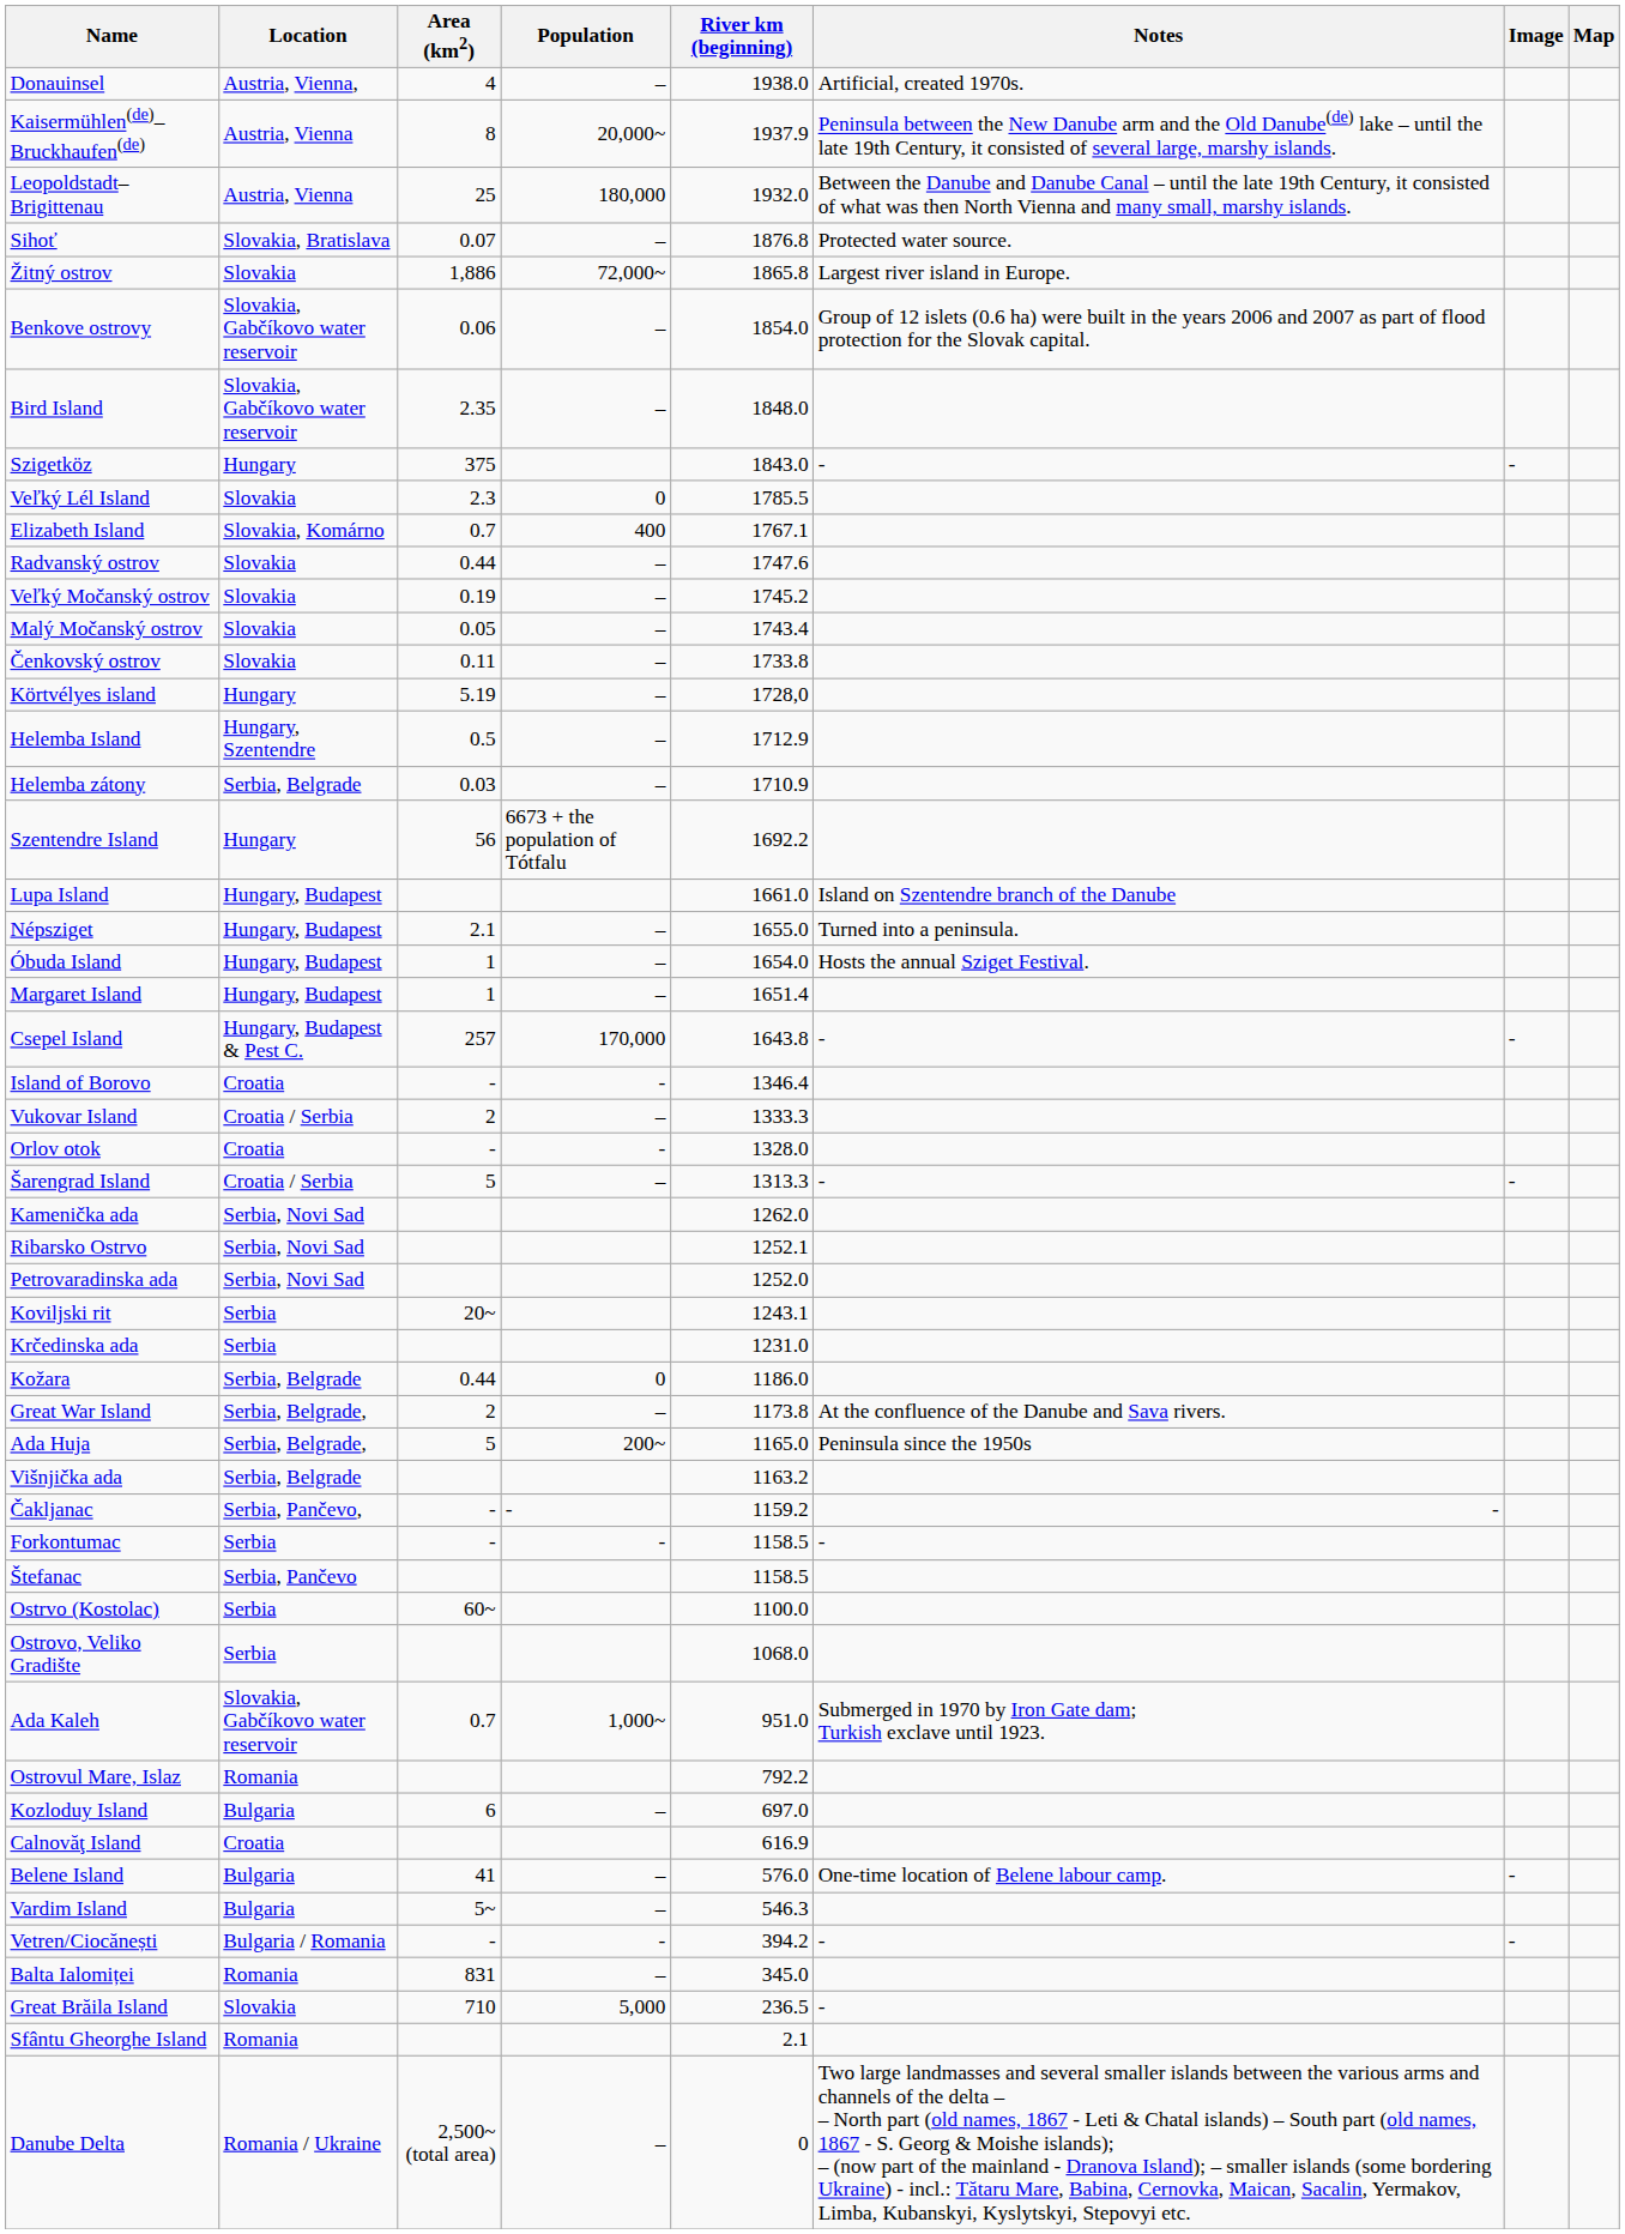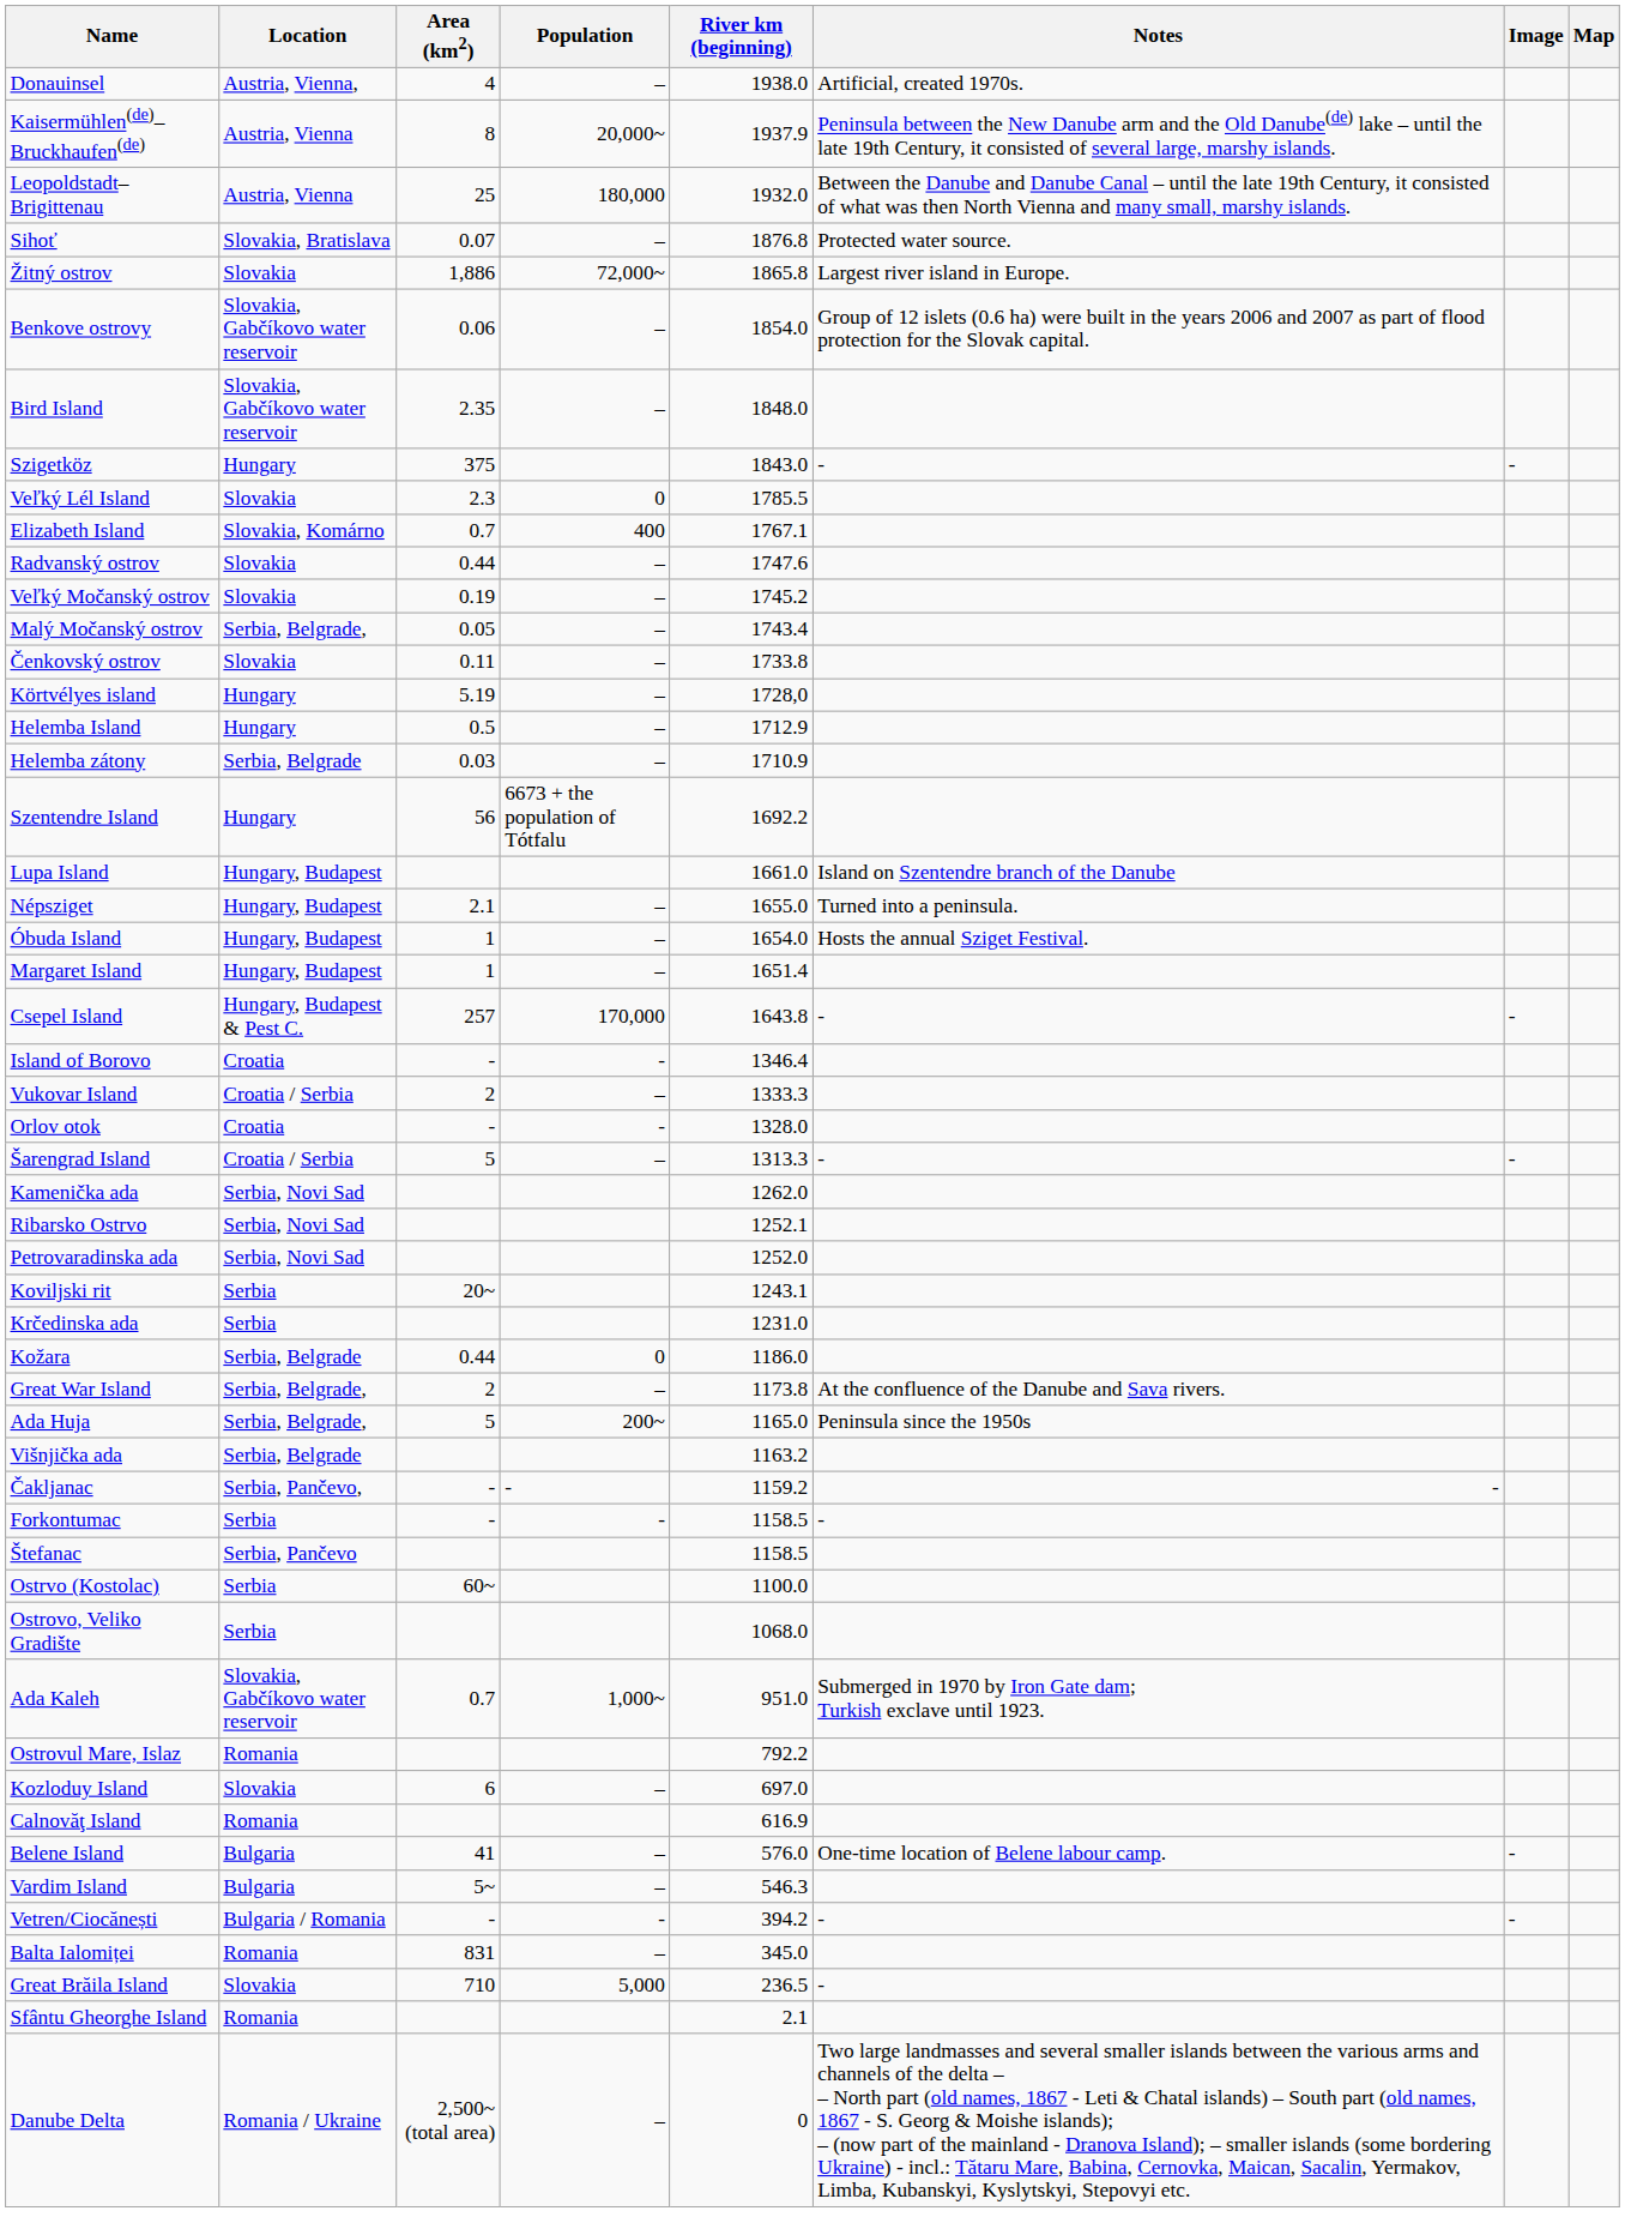 <table class="wikitable sortable" border="1">
 <tr>
 <th>Name</th>
 <th>Location</th>
 <th data-sort-type="number">Area (km<sup>2</sup>)</th>
 <th data-sort-type="number">Population</th>
 <th><a href='#'>River km (beginning)</a></th>
 <th>Notes</th>
 <th>Image</th>
 <th>Map</th>
 </tr>
 <tr>
 <td><a href='#'>Donauinsel</a></td>
 <td><a href='#'>Austria</a>, <a href='#'>Vienna</a>,</td>
 <td align="right">4</td>
 <td align="right">–</td>
 <td align="right">1938.0</td>
 <td>Artificial, created 1970s.</td>
 <td></td>
 <td></td>
 </tr>
 <tr>
 <td><a href='#'>Kaisermühlen</a><sup>(<a href='#'>de</a>)</sup>–<a href='#'>Bruckhaufen</a><sup>(<a href='#'>de</a>)</sup></td>
 <td><a href='#'>Austria</a>, <a href='#'>Vienna</a></td>
 <td align="right">8</td>
 <td align="right">20,000~</td>
 <td align="right">1937.9</td>
 <td><a href='#'>Peninsula between</a> the <a href='#'>New Danube</a> arm and the <a href='#'>Old Danube</a><sup>(<a href='#'>de</a>)</sup> lake – until the late 19th Century, it consisted of <a href='#'>several large, marshy islands</a>.</td>
 <td></td>
 <td></td>
 </tr>
 <tr>
 <td><a href='#'>Leopoldstadt</a>–<a href='#'>Brigittenau</a></td>
 <td><a href='#'>Austria</a>, <a href='#'>Vienna</a></td>
 <td align="right">25</td>
 <td align="right">180,000</td>
 <td align="right">1932.0</td>
 <td>Between the <a href='#'>Danube</a> and <a href='#'>Danube Canal</a> – until the late 19th Century, it consisted of what was then North Vienna and <a href='#'>many small, marshy islands</a>.</td>
 <td></td>
 <td></td>
 </tr>
 <tr>
 <td><a href='#'>Sihoť</a></td>
 <td><a href='#'>Slovakia</a>, <a href='#'>Bratislava</a></td>
 <td align="right">0.07</td>
 <td align="right">–</td>
 <td align="right">1876.8</td>
 <td>Protected water source.</td>
 <td></td>
 <td></td>
 </tr>
 <tr>
 <td><a href='#'>Žitný ostrov</a></td>
 <td><a href='#'>Slovakia</a></td>
 <td align="right">1,886</td>
 <td align="right">72,000~</td>
 <td align="right">1865.8</td>
 <td>Largest river island in Europe.</td>
 <td></td>
 <td></td>
 </tr>
 <tr>
 <td><a href='#'>Benkove ostrovy</a></td>
 <td><a href='#'>Slovakia</a>, <a href='#'>Gabčíkovo water reservoir</a></td>
 <td align="right">0.06</td>
 <td align="right">–</td>
 <td align="right">1854.0</td>
 <td>Group of 12 islets (0.6 ha) were built in the years 2006 and 2007 as part of flood protection for the Slovak capital.</td>
 <td></td>
 <td></td>
 </tr>
 <tr>
 <td><a href='#'>Bird Island</a></td>
 <td><a href='#'>Slovakia</a>, <a href='#'>Gabčíkovo water reservoir</a></td>
 <td align="right">2.35</td>
 <td align="right">–</td>
 <td align="right">1848.0</td>
 <td></td>
 <td></td>
 </tr>
 <tr>
 <td><a href='#'>Szigetköz</a></td>
 <td><a href='#'>Hungary</a></td>
 <td align="right">375</td>
 <td align="right"></td>
 <td align="right">1843.0</td>
 <td>-</td>
 <td>-</td>
 <td></td>
 </tr>
 <tr>
 <td><a href='#'>Veľký Lél Island</a></td>
 <td><a href='#'>Slovakia</a></td>
 <td align="right">2.3</td>
 <td align="right">0</td>
 <td align="right">1785.5</td>
 <td></td>
 <td></td>
 <td></td>
 </tr>
 <tr>
 <td><a href='#'>Elizabeth Island</a></td>
 <td><a href='#'>Slovakia</a>, <a href='#'>Komárno</a></td>
 <td align="right">0.7</td>
 <td align="right">400</td>
 <td align="right">1767.1</td>
 <td></td>
 <td></td>
 <td></td>
 </tr>
 <tr>
 <td><a href='#'>Radvanský ostrov</a></td>
 <td><a href='#'>Slovakia</a></td>
 <td align="right">0.44</td>
 <td align="right">–</td>
 <td align="right">1747.6</td>
 <td></td>
 <td></td>
 <td></td>
 </tr>
 <tr>
 <td><a href='#'>Veľký Močanský ostrov</a></td>
 <td><a href='#'>Slovakia</a></td>
 <td align="right">0.19</td>
 <td align="right">–</td>
 <td align="right">1745.2</td>
 <td></td>
 <td></td>
 <td></td>
 </tr>
 <tr>
 <td><a href='#'>Malý Močanský ostrov</a></td>
-<td><a href='#'>Slovakia</a></td>
+<td><a href='#'>Serbia</a>, <a href='#'>Belgrade</a>,</td>
 <td align="right">0.05</td>
 <td align="right">–</td>
 <td align="right">1743.4</td>
 <td></td>
 <td></td>
 <td></td>
 </tr>
 <tr>
 <td><a href='#'>Čenkovský ostrov</a></td>
 <td><a href='#'>Slovakia</a></td>
 <td align="right">0.11</td>
 <td align="right">–</td>
 <td align="right">1733.8</td>
 <td></td>
 <td></td>
 <td></td>
 </tr>
 <tr>
 <td><a href='#'>Körtvélyes island</a></td>
 <td><a href='#'>Hungary</a></td>
 <td align="right">5.19</td>
 <td align="right">–</td>
 <td align="right">1728,0</td>
 <td></td>
 <td></td>
 <td></td>
 </tr>
 <tr>
 <td><a href='#'>Helemba Island</a></td>
-<td><a href='#'>Hungary</a>, <a href='#'>Szentendre</a></td>
+<td><a href='#'>Hungary</a></td>
 <td align="right">0.5</td>
 <td align="right">–</td>
 <td align="right">1712.9</td>
 <td></td>
 <td></td>
 <td></td>
 </tr>
 <tr>
 <td><a href='#'>Helemba zátony</a></td>
 <td><a href='#'>Serbia</a>, <a href='#'>Belgrade</a></td>
 <td align="right">0.03</td>
 <td align="right">–</td>
 <td align="right">1710.9</td>
 <td></td>
 <td></td>
 <td></td>
 </tr>
 <tr>
 <td><a href='#'>Szentendre Island</a></td>
 <td><a href='#'>Hungary</a></td>
 <td align="right">56</td>
 <td>6673 + the population of Tótfalu</td>
 <td align="right">1692.2</td>
 <td></td>
 <td></td>
 <td></td>
 </tr>
 <tr>
 <td><a href='#'>Lupa Island</a></td>
 <td><a href='#'>Hungary</a>, <a href='#'>Budapest</a></td>
 <td></td>
 <td></td>
 <td align="right">1661.0</td>
 <td>Island on <a href='#'>Szentendre branch of the Danube</a></td>
 <td></td>
 <td></td>
 </tr>
 <tr>
 <td><a href='#'>Népsziget</a></td>
 <td><a href='#'>Hungary</a>, <a href='#'>Budapest</a></td>
 <td align="right">2.1</td>
 <td align="right">–</td>
 <td align="right">1655.0</td>
 <td>Turned into a peninsula.</td>
 <td></td>
 <td></td>
 </tr>
 <tr>
 <td><a href='#'>Óbuda Island</a></td>
 <td><a href='#'>Hungary</a>, <a href='#'>Budapest</a></td>
 <td align="right">1</td>
 <td align="right">–</td>
 <td align="right">1654.0</td>
 <td>Hosts the annual <a href='#'>Sziget Festival</a>.</td>
 <td></td>
 <td></td>
 </tr>
 <tr>
 <td><a href='#'>Margaret Island</a></td>
 <td><a href='#'>Hungary</a>, <a href='#'>Budapest</a></td>
 <td align="right">1</td>
 <td align="right">–</td>
 <td align="right">1651.4</td>
 <td></td>
 <td></td>
 <td></td>
 </tr>
 <tr>
 <td><a href='#'>Csepel Island</a></td>
 <td><a href='#'>Hungary</a>, <a href='#'>Budapest</a> & <a href='#'>Pest C.</a></td>
 <td align="right">257</td>
 <td align="right">170,000</td>
 <td align="right">1643.8</td>
 <td>-</td>
 <td>-</td>
 <td></td>
 </tr>
 <tr>
 <td><a href='#'>Island of Borovo</a></td>
 <td><a href='#'>Croatia</a></td>
 <td align="right">-</td>
 <td align="right">-</td>
 <td align="right">1346.4</td>
 <td></td>
 <td></td>
 <td></td>
 </tr>
 <tr>
 <td><a href='#'>Vukovar Island</a></td>
 <td><a href='#'>Croatia</a> / <a href='#'>Serbia</a></td>
 <td align="right">2</td>
 <td align="right">–</td>
 <td align="right">1333.3</td>
 <td></td>
 <td></td>
 <td></td>
 </tr>
 <tr>
 <td><a href='#'>Orlov otok</a></td>
 <td><a href='#'>Croatia</a></td>
 <td align="right">-</td>
 <td align="right">-</td>
 <td align="right">1328.0</td>
 <td></td>
 <td></td>
 <td></td>
 </tr>
 <tr>
 <td><a href='#'>Šarengrad Island</a></td>
 <td><a href='#'>Croatia</a> / <a href='#'>Serbia</a></td>
 <td align="right">5</td>
 <td align="right">–</td>
 <td align="right">1313.3</td>
 <td>-</td>
 <td>-</td>
 <td></td>
 </tr>
 <tr>
 <td><a href='#'>Kamenička ada</a></td>
 <td><a href='#'>Serbia</a>, <a href='#'>Novi Sad</a></td>
 <td></td>
 <td></td>
 <td align="right">1262.0</td>
 <td></td>
 <td></td>
 <td></td>
 </tr>
 <tr>
 <td><a href='#'>Ribarsko Ostrvo</a></td>
 <td><a href='#'>Serbia</a>, <a href='#'>Novi Sad</a></td>
 <td></td>
 <td></td>
 <td align="right">1252.1</td>
 <td></td>
 <td></td>
 <td></td>
 </tr>
 <tr>
 <td><a href='#'>Petrovaradinska ada</a></td>
 <td><a href='#'>Serbia</a>, <a href='#'>Novi Sad</a></td>
 <td></td>
 <td></td>
 <td align="right">1252.0</td>
 <td></td>
 <td></td>
 <td></td>
 </tr>
 <tr>
 <td><a href='#'>Koviljski rit</a></td>
 <td><a href='#'>Serbia</a></td>
 <td align="right">20~</td>
 <td></td>
 <td align="right">1243.1</td>
 <td></td>
 <td></td>
 <td></td>
 </tr>
 <tr>
 <td><a href='#'>Krčedinska ada</a></td>
 <td><a href='#'>Serbia</a></td>
 <td></td>
 <td></td>
 <td align="right">1231.0</td>
 <td></td>
 <td></td>
 <td></td>
 </tr>
 <tr>
 <td><a href='#'>Kožara</a></td>
 <td><a href='#'>Serbia</a>, <a href='#'>Belgrade</a></td>
 <td align="right">0.44</td>
 <td align="right">0</td>
 <td align="right">1186.0</td>
 <td></td>
 <td></td>
 <td></td>
 </tr>
 <tr>
 <td><a href='#'>Great War Island</a></td>
 <td><a href='#'>Serbia</a>, <a href='#'>Belgrade</a>,</td>
 <td align="right">2</td>
 <td align="right">–</td>
 <td align="right">1173.8</td>
 <td>At the confluence of the Danube and <a href='#'>Sava</a> rivers.</td>
 <td></td>
 <td></td>
 </tr>
 <tr>
 <td><a href='#'>Ada Huja</a></td>
 <td><a href='#'>Serbia</a>, <a href='#'>Belgrade</a>,</td>
 <td align="right">5</td>
 <td align="right">200~</td>
 <td align="right">1165.0</td>
 <td>Peninsula since the 1950s</td>
 <td></td>
 <td></td>
 </tr>
 <tr>
 <td><a href='#'>Višnjička ada</a></td>
 <td><a href='#'>Serbia</a>, <a href='#'>Belgrade</a></td>
 <td></td>
 <td></td>
 <td align="right">1163.2</td>
 <td></td>
 <td></td>
 <td></td>
 </tr>
 <tr>
 <td><a href='#'>Čakljanac</a></td>
 <td><a href='#'>Serbia</a>, <a href='#'>Pančevo</a>,</td>
 <td align="right">-</td>
 <td>-</td>
 <td align="right">1159.2</td>
 <td align="right">-</td>
 <td></td>
 <td></td>
 </tr>
 <tr>
 <td><a href='#'>Forkontumac</a></td>
 <td><a href='#'>Serbia</a></td>
 <td align="right">-</td>
 <td align="right">-</td>
 <td align="right">1158.5</td>
 <td>-</td>
 <td></td>
 <td></td>
 </tr>
 <tr>
 <td><a href='#'>Štefanac</a></td>
 <td><a href='#'>Serbia</a>, <a href='#'>Pančevo</a></td>
 <td></td>
 <td></td>
 <td align="right">1158.5</td>
 <td></td>
 <td></td>
 <td></td>
 </tr>
 <tr>
 <td><a href='#'>Ostrvo (Kostolac)</a></td>
 <td><a href='#'>Serbia</a></td>
 <td align="right">60~</td>
 <td></td>
 <td align="right">1100.0</td>
 <td></td>
 <td></td>
 <td></td>
 </tr>
 <tr>
 <td><a href='#'>Ostrovo, Veliko Gradište</a></td>
 <td><a href='#'>Serbia</a></td>
 <td></td>
 <td></td>
 <td align="right">1068.0</td>
 <td></td>
 <td></td>
 <td></td>
 </tr>
 <tr>
 <td><a href='#'>Ada Kaleh</a></td>
 <td><a href='#'>Slovakia</a>, <a href='#'>Gabčíkovo water reservoir</a></td>
 <td align="right">0.7</td>
 <td align="right">1,000~</td>
 <td align="right">951.0</td>
 <td>Submerged in 1970 by <a href='#'>Iron Gate dam</a>;<br><a href='#'>Turkish</a> exclave until 1923.</td>
 <td></td>
 <td></td>
 </tr>
 <tr>
 <td><a href='#'>Ostrovul Mare, Islaz</a></td>
 <td><a href='#'>Romania</a></td>
 <td></td>
 <td></td>
 <td align="right">792.2</td>
 <td></td>
 <td></td>
 <td></td>
 </tr>
 <tr>
 <td><a href='#'>Kozloduy Island</a></td>
-<td><a href='#'>Bulgaria</a></td>
+<td><a href='#'>Slovakia</a></td>
 <td align="right">6</td>
 <td align="right">–</td>
 <td align="right">697.0</td>
 <td></td>
 <td></td>
 <td></td>
 </tr>
 <tr>
 <td><a href='#'>Calnovăţ Island</a></td>
-<td><a href='#'>Croatia</a></td>
+<td><a href='#'>Romania</a></td>
 <td align="right"></td>
 <td align="right"></td>
 <td align="right">616.9</td>
 <td></td>
 <td></td>
 <td></td>
 </tr>
 <tr>
 <td><a href='#'>Belene Island</a></td>
 <td><a href='#'>Bulgaria</a></td>
 <td align="right">41</td>
 <td align="right">–</td>
 <td align="right">576.0</td>
 <td>One-time location of <a href='#'>Belene labour camp</a>.</td>
 <td>-</td>
 <td></td>
 </tr>
 <tr>
 <td><a href='#'>Vardim Island</a></td>
 <td><a href='#'>Bulgaria</a></td>
 <td align="right">5~</td>
 <td align="right">–</td>
 <td align="right">546.3</td>
 <td></td>
 <td></td>
 <td></td>
 </tr>
 <tr>
 <td><a href='#'>Vetren/Ciocănești</a></td>
 <td><a href='#'>Bulgaria</a> / <a href='#'>Romania</a></td>
 <td align="right">-</td>
 <td align="right">-</td>
 <td align="right">394.2</td>
 <td>-</td>
 <td>-</td>
 <td></td>
 </tr>
 <tr>
 <td><a href='#'>Balta Ialomiței</a></td>
 <td><a href='#'>Romania</a></td>
 <td align="right">831</td>
 <td align="right">–</td>
 <td align="right">345.0</td>
 <td></td>
 <td></td>
 <td></td>
 </tr>
 <tr>
 <td><a href='#'>Great Brăila Island</a></td>
 <td><a href='#'>Slovakia</a></td>
 <td align="right">710</td>
 <td align="right">5,000</td>
 <td align="right">236.5</td>
 <td>-</td>
 <td></td>
 <td></td>
 </tr>
 <tr>
 <td><a href='#'>Sfântu Gheorghe Island</a></td>
 <td><a href='#'>Romania</a></td>
 <td></td>
 <td></td>
 <td align="right">2.1</td>
 <td></td>
 <td></td>
 <td></td>
 </tr>
 <tr>
 <td><a href='#'>Danube Delta</a></td>
 <td><a href='#'>Romania</a> / <a href='#'>Ukraine</a></td>
 <td align="right">2,500~<br>(total area)</td>
 <td align="right">–</td>
 <td align="right">0</td>
 <td>Two large landmasses and several smaller islands between the various arms and channels of the delta –<br>– North part (<a href='#'>old names, 1867</a> - Leti & Chatal islands) – South part (<a href='#'>old names, 1867</a> - S. Georg & Moishe islands);<br>– (now part of the mainland - <a href='#'>Dranova Island</a>); – smaller islands (some bordering <a href='#'>Ukraine</a>) - incl.: <a href='#'>Tătaru Mare</a>, <a href='#'>Babina</a>, <a href='#'>Cernovka</a>, <a href='#'>Maican</a>, <a href='#'>Sacalin</a>, Yermakov, Limba, Kubanskyi, Kyslytskyi, Stepovyi etc.</td>
 <td></td>
 <td></td>
 </tr>
 </table>
